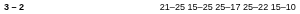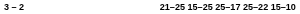 <table width=100% cellspacing=1>
 <tr>
 <th width=20%></th>
 <th width=12%></th>
 <th width=20%></th>
 <th width=33%></th>
 <td></td>
 </tr>
 <tr style=font-size:90%>
 <td align=right><strong></strong></td>
 <td align=center><strong>3 – 2</strong></td>
 <td></td>
-<td>21–25 15–25 25–17 25–22 15–10</td>
+<td><strong>21–25 15–25 25–17 25–22 15–10</strong></td>
 </tr>
 </table>
